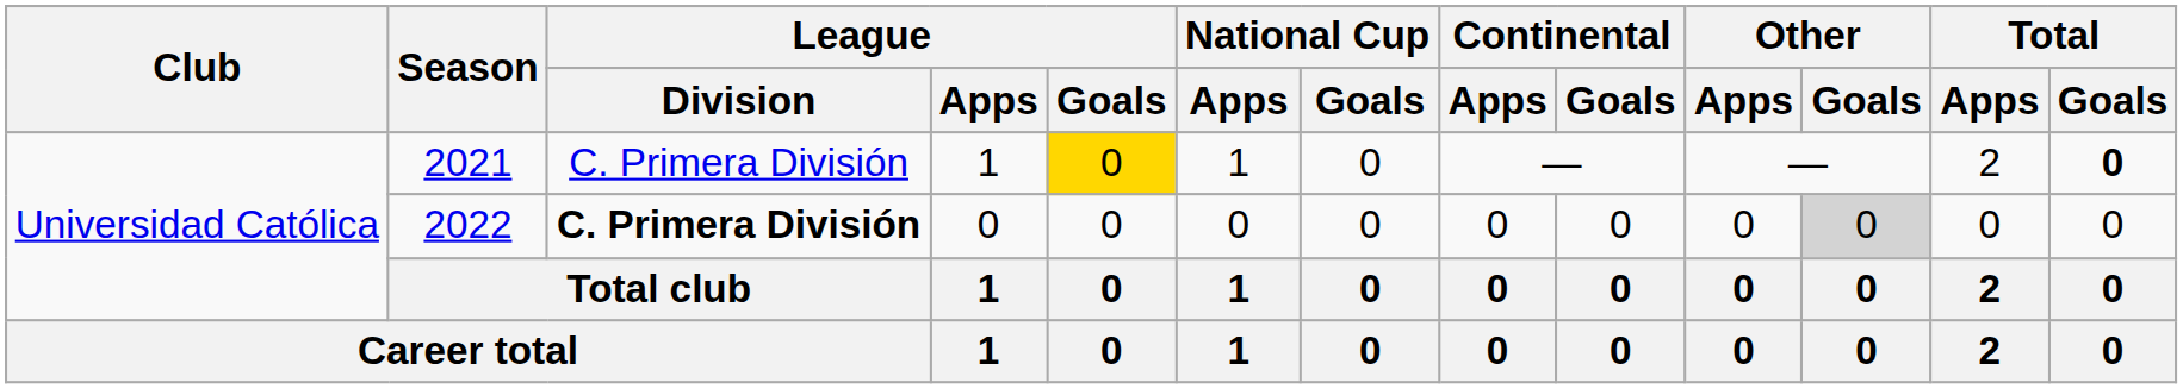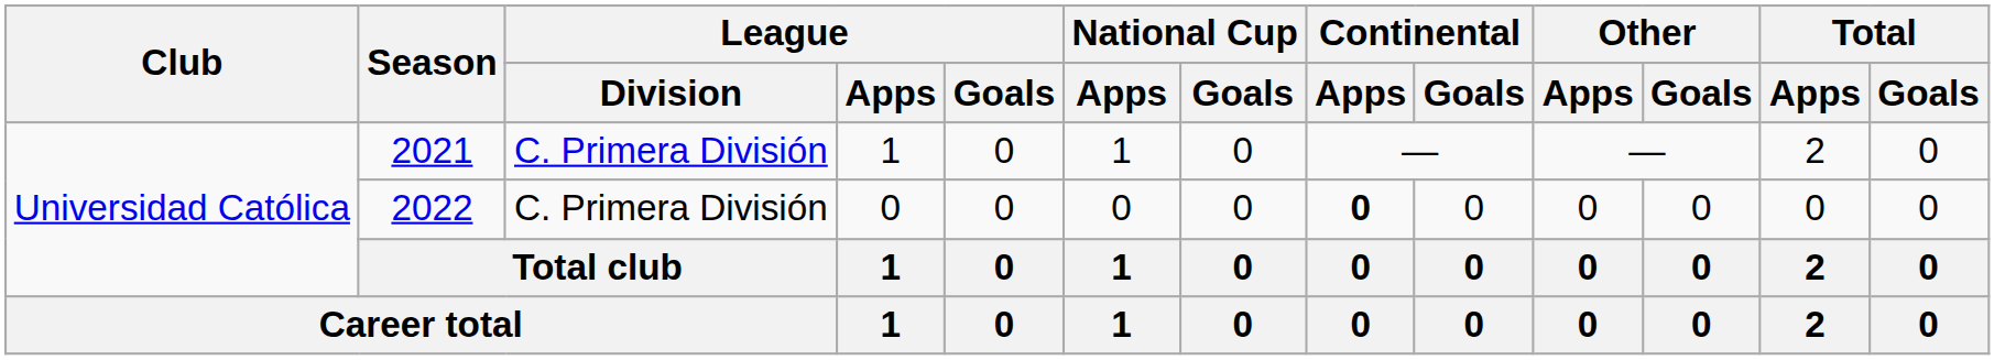 <table class="wikitable" style="text-align: center;">
 <tr>
 <th rowspan="2">Club</th>
 <th rowspan="2">Season</th>
 <th colspan="3">League</th>
 <th colspan="2">National Cup</th>
 <th colspan="2">Continental</th>
 <th colspan="2">Other</th>
 <th colspan="2">Total</th>
 </tr>
 <tr>
 <th>Division</th>
 <th>Apps</th>
 <th>Goals</th>
 <th>Apps</th>
 <th>Goals</th>
 <th>Apps</th>
 <th>Goals</th>
 <th>Apps</th>
 <th>Goals</th>
 <th>Apps</th>
 <th>Goals</th>
 </tr>
 <tr>
 <td rowspan="3"><a href='#'>Universidad Católica</a></td>
 <td><a href='#'>2021</a></td>
 <td><a href='#'>C. Primera División</a></td>
 <td>1</td>
-<td style="background: gold;">0</td>
+<td>0</td>
 <td>1</td>
 <td>0</td>
 <td colspan="2">—</td>
 <td colspan="2">—</td>
 <td>2</td>
-<td><strong>0</strong></td>
+<td>0</td>
 </tr>
 <tr>
 <td><a href='#'>2022</a></td>
-<td><strong>C. Primera División</strong></td>
+<td>C. Primera División</td>
 <td>0</td>
 <td>0</td>
 <td>0</td>
 <td>0</td>
+<td><strong>0</strong></td>
 <td>0</td>
 <td>0</td>
 <td>0</td>
-<td style="background: lightgrey;">0</td>
 <td>0</td>
 <td>0</td>
 </tr>
 <tr>
 <th colspan="2">Total club</th>
 <th>1</th>
 <th>0</th>
 <th>1</th>
 <th>0</th>
 <th>0</th>
 <th>0</th>
 <th>0</th>
 <th>0</th>
 <th>2</th>
 <th>0</th>
 </tr>
 <tr>
 <th colspan="3">Career total</th>
 <th>1</th>
 <th>0</th>
 <th>1</th>
 <th>0</th>
 <th>0</th>
 <th>0</th>
 <th>0</th>
 <th>0</th>
 <th>2</th>
 <th>0</th>
 </tr>
 </table>
